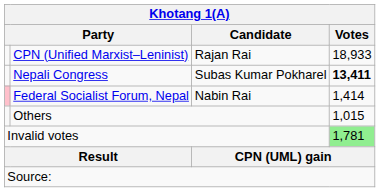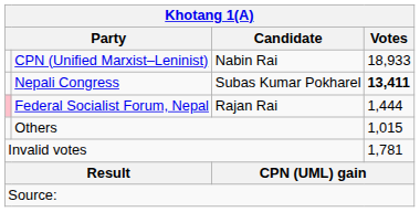 <table class="wikitable">
 <tr>
 <th colspan="6"><a href='#'>Khotang 1(A)</a></th>
 </tr>
 <tr>
 <th colspan="2">Party</th>
 <th>Candidate</th>
 <th>Votes</th>
 </tr>
 <tr>
 <td style="background-color:"></td>
 <td><a href='#'>CPN (Unified Marxist–Leninist)</a></td>
-<td>Rajan Rai</td>
+<td>Nabin Rai</td>
 <td>18,933</td>
 </tr>
 <tr>
 <td style="background-color:"></td>
 <td><a href='#'>Nepali Congress</a></td>
 <td>Subas Kumar Pokharel</td>
 <td><strong>13,411</strong></td>
 </tr>
 <tr>
 <td style="background-color:#ffc0cb"></td>
 <td><a href='#'>Federal Socialist Forum, Nepal</a></td>
-<td>Nabin Rai</td>
-<td>1,414</td>
+<td>Rajan Rai</td>
+<td>1,444</td>
 </tr>
 <tr>
 <td></td>
 <td colspan="2">Others</td>
 <td>1,015</td>
 </tr>
 <tr>
 <td colspan="3">Invalid votes</td>
-<td style="background: lightgreen;">1,781</td>
+<td>1,781</td>
 </tr>
 <tr>
 <th colspan="2">Result</th>
 <th colspan="2">CPN (UML) gain</th>
 </tr>
 <tr>
 <td colspan="4">Source: </td>
 </tr>
 </table>
